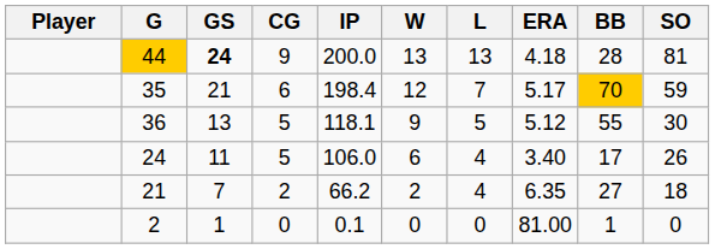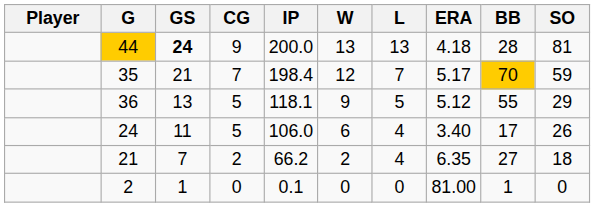 <table class="wikitable sortable">
 <tr>
 <th bgcolor="#DDDDFF" width="16%">Player</th>
 <th bgcolor="#DDDDFF" width="9%">G</th>
 <th bgcolor="#DDDDFF" width="9%">GS</th>
 <th bgcolor="#DDDDFF" width="9%">CG</th>
 <th bgcolor="#DDDDFF" width="9%">IP</th>
 <th bgcolor="#DDDDFF" width="9%">W</th>
 <th bgcolor="#DDDDFF" width="9%">L</th>
 <th bgcolor="#DDDDFF" width="9%">ERA</th>
 <th bgcolor="#DDDDFF" width="9%">BB</th>
 <th bgcolor="#DDDDFF" width="9%">SO</th>
 </tr>
 <tr align="center">
 <td></td>
 <td style="background:#fc0;">44</td>
 <td><strong>24</strong></td>
 <td>9</td>
 <td>200.0</td>
 <td>13</td>
 <td>13</td>
 <td>4.18</td>
 <td>28</td>
 <td>81</td>
 </tr>
 <tr align="center">
 <td></td>
 <td>35</td>
 <td>21</td>
-<td>6</td>
+<td>7</td>
 <td>198.4</td>
 <td>12</td>
 <td>7</td>
 <td>5.17</td>
 <td style="background:#fc0;">70</td>
 <td>59</td>
 </tr>
 <tr align="center">
 <td></td>
 <td>36</td>
 <td>13</td>
 <td>5</td>
 <td>118.1</td>
 <td>9</td>
 <td>5</td>
 <td>5.12</td>
 <td>55</td>
-<td>30</td>
+<td>29</td>
 </tr>
 <tr align="center">
 <td></td>
 <td>24</td>
 <td>11</td>
 <td>5</td>
 <td>106.0</td>
 <td>6</td>
 <td>4</td>
 <td>3.40</td>
 <td>17</td>
 <td>26</td>
 </tr>
 <tr align="center">
 <td></td>
 <td>21</td>
 <td>7</td>
 <td>2</td>
 <td>66.2</td>
 <td>2</td>
 <td>4</td>
 <td>6.35</td>
 <td>27</td>
 <td>18</td>
 </tr>
 <tr align="center">
 <td></td>
 <td>2</td>
 <td>1</td>
 <td>0</td>
 <td>0.1</td>
 <td>0</td>
 <td>0</td>
 <td>81.00</td>
 <td>1</td>
 <td>0</td>
 </tr>
 </table>
